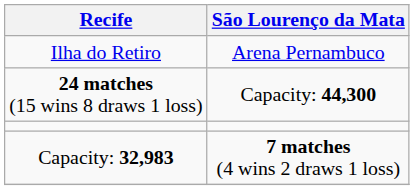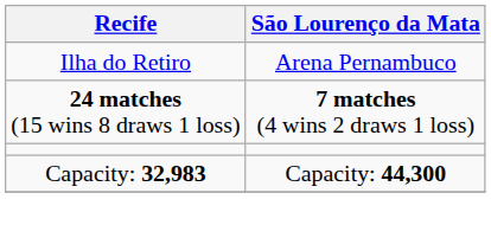 <table class="wikitable" style="text-align:center">
 <tr>
 <th><a href='#'>Recife</a></th>
 <th><a href='#'>São Lourenço da Mata</a></th>
 </tr>
 <tr>
 <td><a href='#'>Ilha do Retiro</a></td>
 <td><a href='#'>Arena Pernambuco</a></td>
 </tr>
 <tr>
 <td><strong>24 matches</strong><br>(15 wins 8 draws 1 loss)</td>
-<td>Capacity: <strong>44,300</strong></td>
+<td><strong>7 matches</strong><br>(4 wins 2 draws 1 loss)</td>
 </tr>
 <tr>
 <td></td>
 <td></td>
 </tr>
 <tr>
 <td>Capacity: <strong>32,983</strong></td>
-<td><strong>7 matches</strong><br>(4 wins 2 draws 1 loss)</td>
+<td>Capacity: <strong>44,300</strong></td>
 </tr>
 <tr>
 </tr>
 </table>
